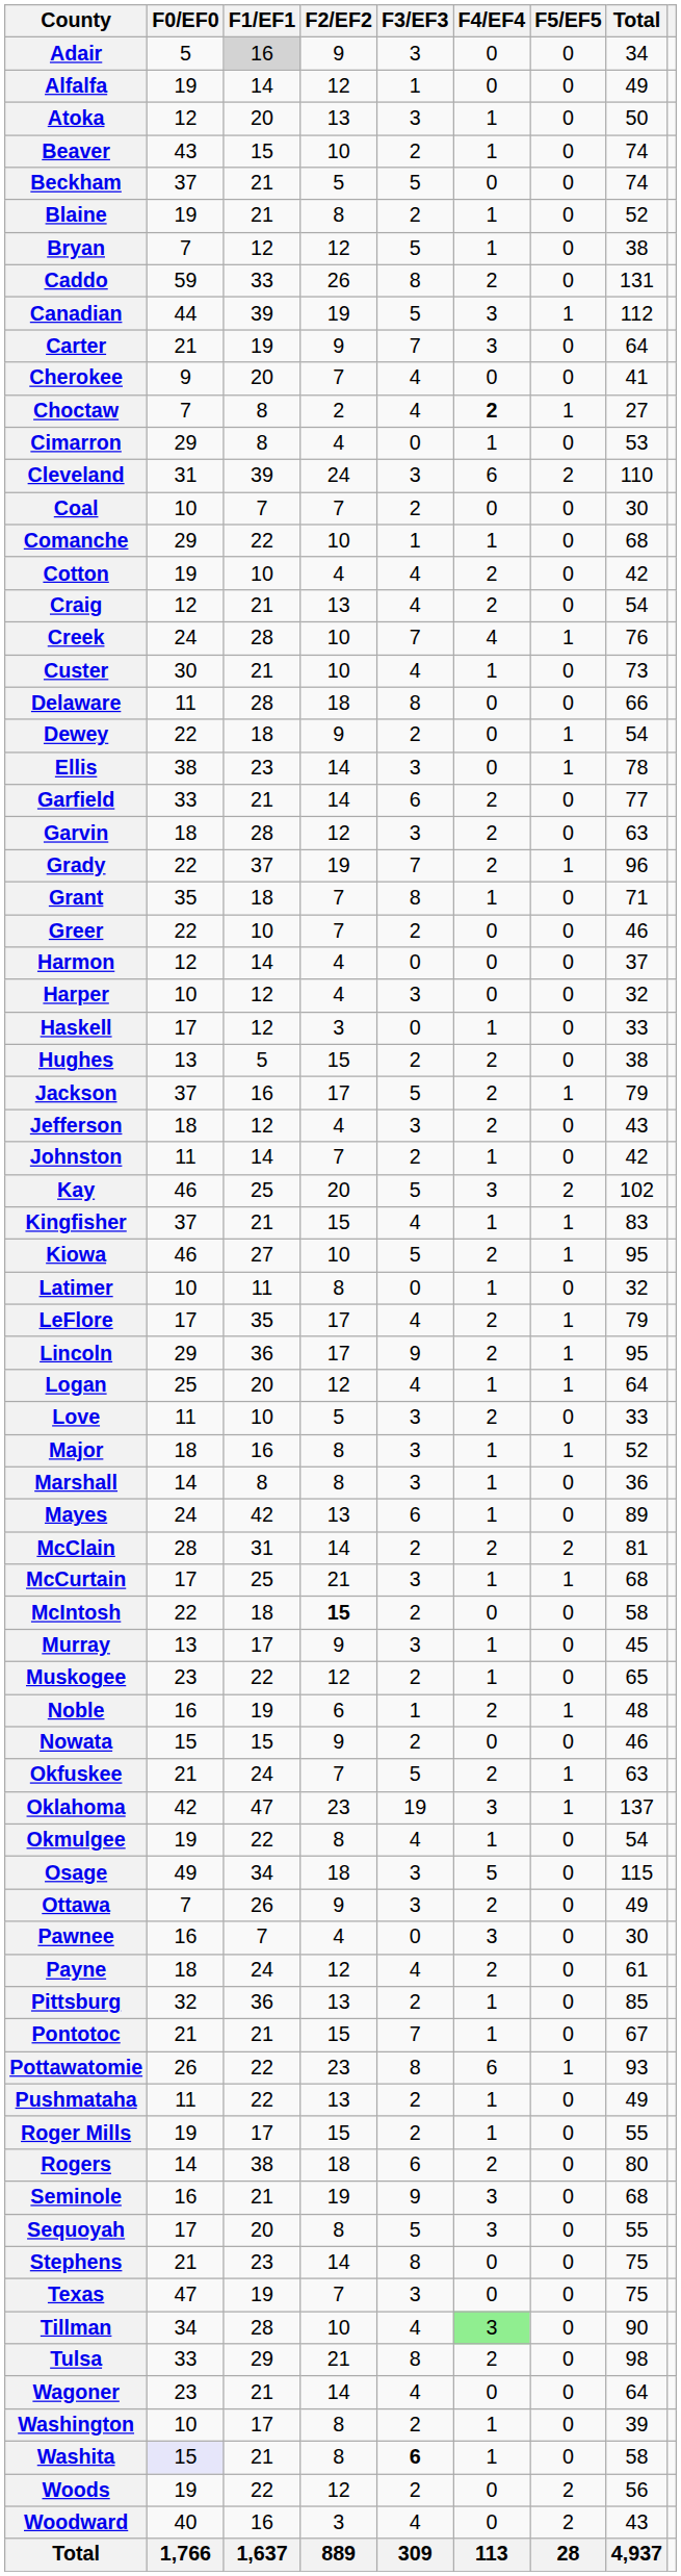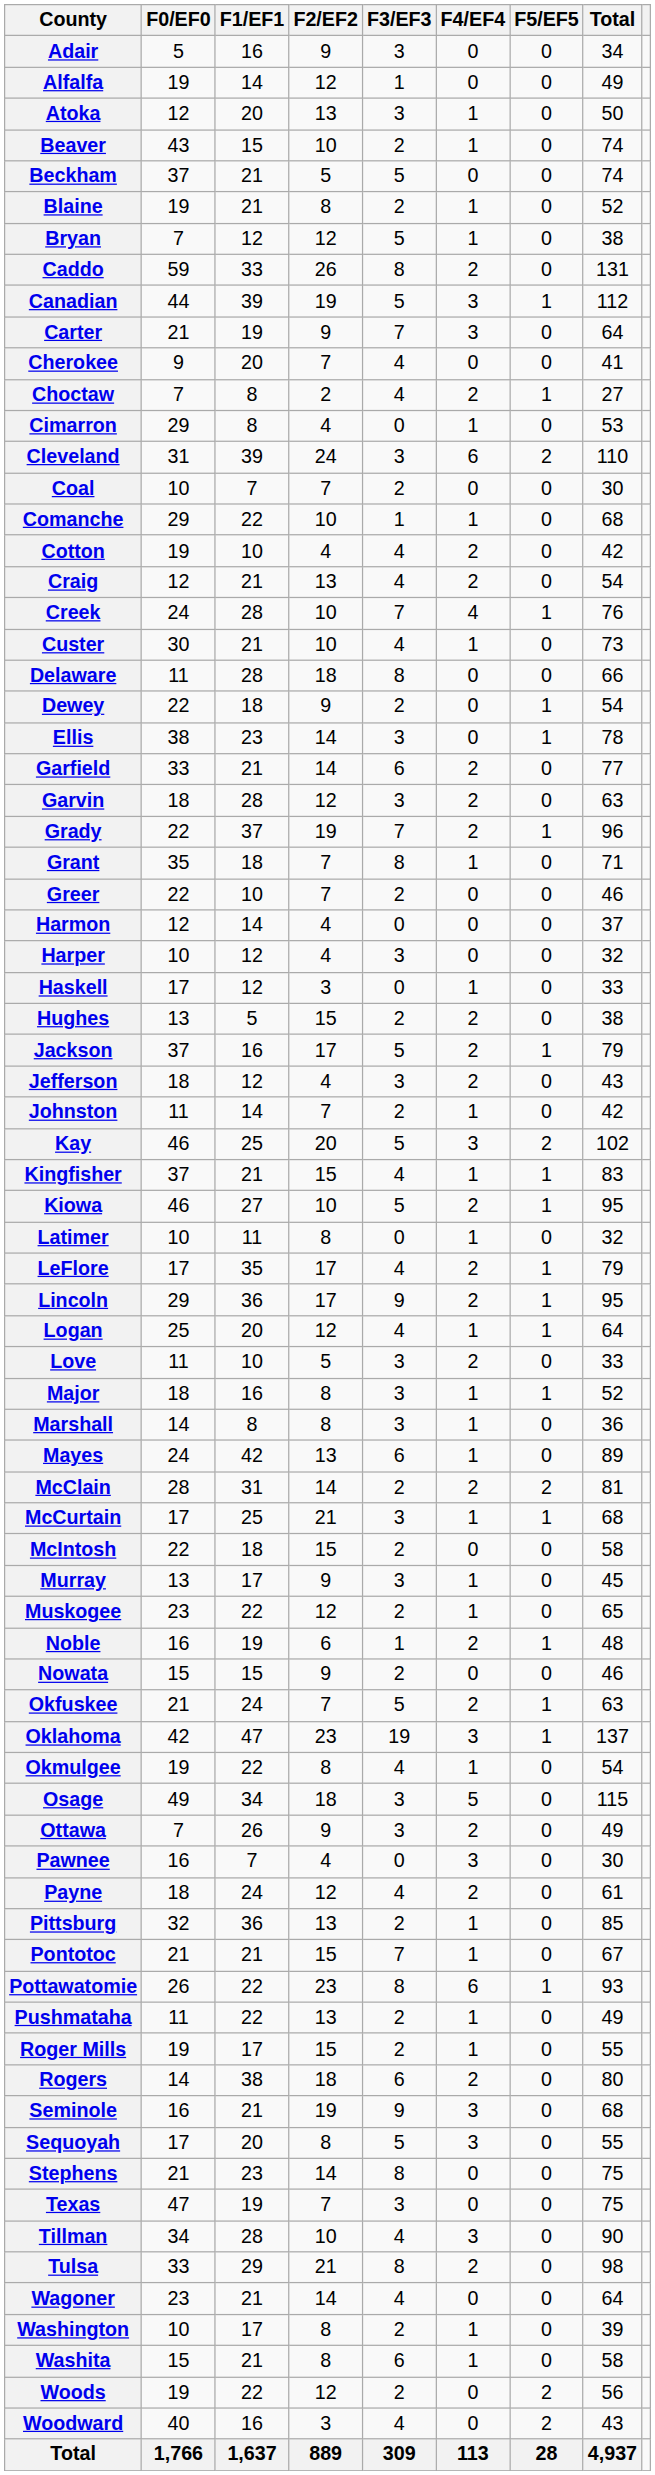 <table class="wikitable sortable" style="text-align:center;">
 <tr>
 <th>County</th>
 <th>F0/EF0</th>
 <th>F1/EF1</th>
 <th>F2/EF2</th>
 <th>F3/EF3</th>
 <th>F4/EF4</th>
 <th>F5/EF5</th>
 <th>Total</th>
 <th scope="col" class="unsortable"></th>
 </tr>
 <tr>
 <th><a href='#'>Adair</a></th>
 <td>5</td>
-<td style="background: lightgrey;">16</td>
+<td>16</td>
 <td>9</td>
 <td>3</td>
 <td>0</td>
 <td>0</td>
 <td>34</td>
 <td></td>
 </tr>
 <tr>
 <th><a href='#'>Alfalfa</a></th>
 <td>19</td>
 <td>14</td>
 <td>12</td>
 <td>1</td>
 <td>0</td>
 <td>0</td>
 <td>49</td>
 <td></td>
 </tr>
 <tr>
 <th><a href='#'>Atoka</a></th>
 <td>12</td>
 <td>20</td>
 <td>13</td>
 <td>3</td>
 <td>1</td>
 <td>0</td>
 <td>50</td>
 <td></td>
 </tr>
 <tr>
 <th><a href='#'>Beaver</a></th>
 <td>43</td>
 <td>15</td>
 <td>10</td>
 <td>2</td>
 <td>1</td>
 <td>0</td>
 <td>74</td>
 <td></td>
 </tr>
 <tr>
 <th><a href='#'>Beckham</a></th>
 <td>37</td>
 <td>21</td>
 <td>5</td>
 <td>5</td>
 <td>0</td>
 <td>0</td>
 <td>74</td>
 <td></td>
 </tr>
 <tr>
 <th><a href='#'>Blaine</a></th>
 <td>19</td>
 <td>21</td>
 <td>8</td>
 <td>2</td>
 <td>1</td>
 <td>0</td>
 <td>52</td>
 <td></td>
 </tr>
 <tr>
 <th><a href='#'>Bryan</a></th>
 <td>7</td>
 <td>12</td>
 <td>12</td>
 <td>5</td>
 <td>1</td>
 <td>0</td>
 <td>38</td>
 <td></td>
 </tr>
 <tr>
 <th><a href='#'>Caddo</a></th>
 <td>59</td>
 <td>33</td>
 <td>26</td>
 <td>8</td>
 <td>2</td>
 <td>0</td>
 <td>131</td>
 <td></td>
 </tr>
 <tr>
 <th><a href='#'>Canadian</a></th>
 <td>44</td>
 <td>39</td>
 <td>19</td>
 <td>5</td>
 <td>3</td>
 <td>1</td>
 <td>112</td>
 <td></td>
 </tr>
 <tr>
 <th><a href='#'>Carter</a></th>
 <td>21</td>
 <td>19</td>
 <td>9</td>
 <td>7</td>
 <td>3</td>
 <td>0</td>
 <td>64</td>
 <td></td>
 </tr>
 <tr>
 <th><a href='#'>Cherokee</a></th>
 <td>9</td>
 <td>20</td>
 <td>7</td>
 <td>4</td>
 <td>0</td>
 <td>0</td>
 <td>41</td>
 <td></td>
 </tr>
 <tr>
 <th><a href='#'>Choctaw</a></th>
 <td>7</td>
 <td>8</td>
 <td>2</td>
 <td>4</td>
-<td><strong>2</strong></td>
+<td>2</td>
 <td>1</td>
 <td>27</td>
 <td></td>
 </tr>
 <tr>
 <th><a href='#'>Cimarron</a></th>
 <td>29</td>
 <td>8</td>
 <td>4</td>
 <td>0</td>
 <td>1</td>
 <td>0</td>
 <td>53</td>
 <td></td>
 </tr>
 <tr>
 <th><a href='#'>Cleveland</a></th>
 <td>31</td>
 <td>39</td>
 <td>24</td>
 <td>3</td>
 <td>6</td>
 <td>2</td>
 <td>110</td>
 <td></td>
 </tr>
 <tr>
 <th><a href='#'>Coal</a></th>
 <td>10</td>
 <td>7</td>
 <td>7</td>
 <td>2</td>
 <td>0</td>
 <td>0</td>
 <td>30</td>
 <td></td>
 </tr>
 <tr>
 <th><a href='#'>Comanche</a></th>
 <td>29</td>
 <td>22</td>
 <td>10</td>
 <td>1</td>
 <td>1</td>
 <td>0</td>
 <td>68</td>
 <td></td>
 </tr>
 <tr>
 <th><a href='#'>Cotton</a></th>
 <td>19</td>
 <td>10</td>
 <td>4</td>
 <td>4</td>
 <td>2</td>
 <td>0</td>
 <td>42</td>
 <td></td>
 </tr>
 <tr>
 <th><a href='#'>Craig</a></th>
 <td>12</td>
 <td>21</td>
 <td>13</td>
 <td>4</td>
 <td>2</td>
 <td>0</td>
 <td>54</td>
 <td></td>
 </tr>
 <tr>
 <th><a href='#'>Creek</a></th>
 <td>24</td>
 <td>28</td>
 <td>10</td>
 <td>7</td>
 <td>4</td>
 <td>1</td>
 <td>76</td>
 <td></td>
 </tr>
 <tr>
 <th><a href='#'>Custer</a></th>
 <td>30</td>
 <td>21</td>
 <td>10</td>
 <td>4</td>
 <td>1</td>
 <td>0</td>
 <td>73</td>
 <td></td>
 </tr>
 <tr>
 <th><a href='#'>Delaware</a></th>
 <td>11</td>
 <td>28</td>
 <td>18</td>
 <td>8</td>
 <td>0</td>
 <td>0</td>
 <td>66</td>
 <td></td>
 </tr>
 <tr>
 <th><a href='#'>Dewey</a></th>
 <td>22</td>
 <td>18</td>
 <td>9</td>
 <td>2</td>
 <td>0</td>
 <td>1</td>
 <td>54</td>
 <td></td>
 </tr>
 <tr>
 <th><a href='#'>Ellis</a></th>
 <td>38</td>
 <td>23</td>
 <td>14</td>
 <td>3</td>
 <td>0</td>
 <td>1</td>
 <td>78</td>
 <td></td>
 </tr>
 <tr>
 <th><a href='#'>Garfield</a></th>
 <td>33</td>
 <td>21</td>
 <td>14</td>
 <td>6</td>
 <td>2</td>
 <td>0</td>
 <td>77</td>
 <td></td>
 </tr>
 <tr>
 <th><a href='#'>Garvin</a></th>
 <td>18</td>
 <td>28</td>
 <td>12</td>
 <td>3</td>
 <td>2</td>
 <td>0</td>
 <td>63</td>
 <td></td>
 </tr>
 <tr>
 <th><a href='#'>Grady</a></th>
 <td>22</td>
 <td>37</td>
 <td>19</td>
 <td>7</td>
 <td>2</td>
 <td>1</td>
 <td>96</td>
 <td></td>
 </tr>
 <tr>
 <th><a href='#'>Grant</a></th>
 <td>35</td>
 <td>18</td>
 <td>7</td>
 <td>8</td>
 <td>1</td>
 <td>0</td>
 <td>71</td>
 <td></td>
 </tr>
 <tr>
 <th><a href='#'>Greer</a></th>
 <td>22</td>
 <td>10</td>
 <td>7</td>
 <td>2</td>
 <td>0</td>
 <td>0</td>
 <td>46</td>
 <td></td>
 </tr>
 <tr>
 <th><a href='#'>Harmon</a></th>
 <td>12</td>
 <td>14</td>
 <td>4</td>
 <td>0</td>
 <td>0</td>
 <td>0</td>
 <td>37</td>
 <td></td>
 </tr>
 <tr>
 <th><a href='#'>Harper</a></th>
 <td>10</td>
 <td>12</td>
 <td>4</td>
 <td>3</td>
 <td>0</td>
 <td>0</td>
 <td>32</td>
 <td></td>
 </tr>
 <tr>
 <th><a href='#'>Haskell</a></th>
 <td>17</td>
 <td>12</td>
 <td>3</td>
 <td>0</td>
 <td>1</td>
 <td>0</td>
 <td>33</td>
 <td></td>
 </tr>
 <tr>
 <th><a href='#'>Hughes</a></th>
 <td>13</td>
 <td>5</td>
 <td>15</td>
 <td>2</td>
 <td>2</td>
 <td>0</td>
 <td>38</td>
 <td></td>
 </tr>
 <tr>
 <th><a href='#'>Jackson</a></th>
 <td>37</td>
 <td>16</td>
 <td>17</td>
 <td>5</td>
 <td>2</td>
 <td>1</td>
 <td>79</td>
 <td></td>
 </tr>
 <tr>
 <th><a href='#'>Jefferson</a></th>
 <td>18</td>
 <td>12</td>
 <td>4</td>
 <td>3</td>
 <td>2</td>
 <td>0</td>
 <td>43</td>
 <td></td>
 </tr>
 <tr>
 <th><a href='#'>Johnston</a></th>
 <td>11</td>
 <td>14</td>
 <td>7</td>
 <td>2</td>
 <td>1</td>
 <td>0</td>
 <td>42</td>
 <td></td>
 </tr>
 <tr>
 <th><a href='#'>Kay</a></th>
 <td>46</td>
 <td>25</td>
 <td>20</td>
 <td>5</td>
 <td>3</td>
 <td>2</td>
 <td>102</td>
 <td></td>
 </tr>
 <tr>
 <th><a href='#'>Kingfisher</a></th>
 <td>37</td>
 <td>21</td>
 <td>15</td>
 <td>4</td>
 <td>1</td>
 <td>1</td>
 <td>83</td>
 <td></td>
 </tr>
 <tr>
 <th><a href='#'>Kiowa</a></th>
 <td>46</td>
 <td>27</td>
 <td>10</td>
 <td>5</td>
 <td>2</td>
 <td>1</td>
 <td>95</td>
 <td></td>
 </tr>
 <tr>
 <th><a href='#'>Latimer</a></th>
 <td>10</td>
 <td>11</td>
 <td>8</td>
 <td>0</td>
 <td>1</td>
 <td>0</td>
 <td>32</td>
 <td></td>
 </tr>
 <tr>
 <th><a href='#'>LeFlore</a></th>
 <td>17</td>
 <td>35</td>
 <td>17</td>
 <td>4</td>
 <td>2</td>
 <td>1</td>
 <td>79</td>
 <td></td>
 </tr>
 <tr>
 <th><a href='#'>Lincoln</a></th>
 <td>29</td>
 <td>36</td>
 <td>17</td>
 <td>9</td>
 <td>2</td>
 <td>1</td>
 <td>95</td>
 <td></td>
 </tr>
 <tr>
 <th><a href='#'>Logan</a></th>
 <td>25</td>
 <td>20</td>
 <td>12</td>
 <td>4</td>
 <td>1</td>
 <td>1</td>
 <td>64</td>
 <td></td>
 </tr>
 <tr>
 <th><a href='#'>Love</a></th>
 <td>11</td>
 <td>10</td>
 <td>5</td>
 <td>3</td>
 <td>2</td>
 <td>0</td>
 <td>33</td>
 <td></td>
 </tr>
 <tr>
 <th><a href='#'>Major</a></th>
 <td>18</td>
 <td>16</td>
 <td>8</td>
 <td>3</td>
 <td>1</td>
 <td>1</td>
 <td>52</td>
 <td></td>
 </tr>
 <tr>
 <th><a href='#'>Marshall</a></th>
 <td>14</td>
 <td>8</td>
 <td>8</td>
 <td>3</td>
 <td>1</td>
 <td>0</td>
 <td>36</td>
 <td></td>
 </tr>
 <tr>
 <th><a href='#'>Mayes</a></th>
 <td>24</td>
 <td>42</td>
 <td>13</td>
 <td>6</td>
 <td>1</td>
 <td>0</td>
 <td>89</td>
 <td></td>
 </tr>
 <tr>
 <th><a href='#'>McClain</a></th>
 <td>28</td>
 <td>31</td>
 <td>14</td>
 <td>2</td>
 <td>2</td>
 <td>2</td>
 <td>81</td>
 <td></td>
 </tr>
 <tr>
 <th><a href='#'>McCurtain</a></th>
 <td>17</td>
 <td>25</td>
 <td>21</td>
 <td>3</td>
 <td>1</td>
 <td>1</td>
 <td>68</td>
 <td></td>
 </tr>
 <tr>
 <th><a href='#'>McIntosh</a></th>
 <td>22</td>
 <td>18</td>
-<td><strong>15</strong></td>
+<td>15</td>
 <td>2</td>
 <td>0</td>
 <td>0</td>
 <td>58</td>
 <td></td>
 </tr>
 <tr>
 <th><a href='#'>Murray</a></th>
 <td>13</td>
 <td>17</td>
 <td>9</td>
 <td>3</td>
 <td>1</td>
 <td>0</td>
 <td>45</td>
 <td></td>
 </tr>
 <tr>
 <th><a href='#'>Muskogee</a></th>
 <td>23</td>
 <td>22</td>
 <td>12</td>
 <td>2</td>
 <td>1</td>
 <td>0</td>
 <td>65</td>
 <td></td>
 </tr>
 <tr>
 <th><a href='#'>Noble</a></th>
 <td>16</td>
 <td>19</td>
 <td>6</td>
 <td>1</td>
 <td>2</td>
 <td>1</td>
 <td>48</td>
 <td></td>
 </tr>
 <tr>
 <th><a href='#'>Nowata</a></th>
 <td>15</td>
 <td>15</td>
 <td>9</td>
 <td>2</td>
 <td>0</td>
 <td>0</td>
 <td>46</td>
 <td></td>
 </tr>
 <tr>
 <th><a href='#'>Okfuskee</a></th>
 <td>21</td>
 <td>24</td>
 <td>7</td>
 <td>5</td>
 <td>2</td>
 <td>1</td>
 <td>63</td>
 <td></td>
 </tr>
 <tr>
 <th><a href='#'>Oklahoma</a></th>
 <td>42</td>
 <td>47</td>
 <td>23</td>
 <td>19</td>
 <td>3</td>
 <td>1</td>
 <td>137</td>
 <td></td>
 </tr>
 <tr>
 <th><a href='#'>Okmulgee</a></th>
 <td>19</td>
 <td>22</td>
 <td>8</td>
 <td>4</td>
 <td>1</td>
 <td>0</td>
 <td>54</td>
 <td></td>
 </tr>
 <tr>
 <th><a href='#'>Osage</a></th>
 <td>49</td>
 <td>34</td>
 <td>18</td>
 <td>3</td>
 <td>5</td>
 <td>0</td>
 <td>115</td>
 <td></td>
 </tr>
 <tr>
 <th><a href='#'>Ottawa</a></th>
 <td>7</td>
 <td>26</td>
 <td>9</td>
 <td>3</td>
 <td>2</td>
 <td>0</td>
 <td>49</td>
 <td></td>
 </tr>
 <tr>
 <th><a href='#'>Pawnee</a></th>
 <td>16</td>
 <td>7</td>
 <td>4</td>
 <td>0</td>
 <td>3</td>
 <td>0</td>
 <td>30</td>
 <td></td>
 </tr>
 <tr>
 <th><a href='#'>Payne</a></th>
 <td>18</td>
 <td>24</td>
 <td>12</td>
 <td>4</td>
 <td>2</td>
 <td>0</td>
 <td>61</td>
 <td></td>
 </tr>
 <tr>
 <th><a href='#'>Pittsburg</a></th>
 <td>32</td>
 <td>36</td>
 <td>13</td>
 <td>2</td>
 <td>1</td>
 <td>0</td>
 <td>85</td>
 <td></td>
 </tr>
 <tr>
 <th><a href='#'>Pontotoc</a></th>
 <td>21</td>
 <td>21</td>
 <td>15</td>
 <td>7</td>
 <td>1</td>
 <td>0</td>
 <td>67</td>
 <td></td>
 </tr>
 <tr>
 <th><a href='#'>Pottawatomie</a></th>
 <td>26</td>
 <td>22</td>
 <td>23</td>
 <td>8</td>
 <td>6</td>
 <td>1</td>
 <td>93</td>
 <td></td>
 </tr>
 <tr>
 <th><a href='#'>Pushmataha</a></th>
 <td>11</td>
 <td>22</td>
 <td>13</td>
 <td>2</td>
 <td>1</td>
 <td>0</td>
 <td>49</td>
 <td></td>
 </tr>
 <tr>
 <th><a href='#'>Roger Mills</a></th>
 <td>19</td>
 <td>17</td>
 <td>15</td>
 <td>2</td>
 <td>1</td>
 <td>0</td>
 <td>55</td>
 <td></td>
 </tr>
 <tr>
 <th><a href='#'>Rogers</a></th>
 <td>14</td>
 <td>38</td>
 <td>18</td>
 <td>6</td>
 <td>2</td>
 <td>0</td>
 <td>80</td>
 <td></td>
 </tr>
 <tr>
 <th><a href='#'>Seminole</a></th>
 <td>16</td>
 <td>21</td>
 <td>19</td>
 <td>9</td>
 <td>3</td>
 <td>0</td>
 <td>68</td>
 <td></td>
 </tr>
 <tr>
 <th><a href='#'>Sequoyah</a></th>
 <td>17</td>
 <td>20</td>
 <td>8</td>
 <td>5</td>
 <td>3</td>
 <td>0</td>
 <td>55</td>
 <td></td>
 </tr>
 <tr>
 <th><a href='#'>Stephens</a></th>
 <td>21</td>
 <td>23</td>
 <td>14</td>
 <td>8</td>
 <td>0</td>
 <td>0</td>
 <td>75</td>
 <td></td>
 </tr>
 <tr>
 <th><a href='#'>Texas</a></th>
 <td>47</td>
 <td>19</td>
 <td>7</td>
 <td>3</td>
 <td>0</td>
 <td>0</td>
 <td>75</td>
 <td></td>
 </tr>
 <tr>
 <th><a href='#'>Tillman</a></th>
 <td>34</td>
 <td>28</td>
 <td>10</td>
 <td>4</td>
-<td style="background: lightgreen;">3</td>
+<td>3</td>
 <td>0</td>
 <td>90</td>
 <td></td>
 </tr>
 <tr>
 <th><a href='#'>Tulsa</a></th>
 <td>33</td>
 <td>29</td>
 <td>21</td>
 <td>8</td>
 <td>2</td>
 <td>0</td>
 <td>98</td>
 <td></td>
 </tr>
 <tr>
 <th><a href='#'>Wagoner</a></th>
 <td>23</td>
 <td>21</td>
 <td>14</td>
 <td>4</td>
 <td>0</td>
 <td>0</td>
 <td>64</td>
 <td></td>
 </tr>
 <tr>
 <th><a href='#'>Washington</a></th>
 <td>10</td>
 <td>17</td>
 <td>8</td>
 <td>2</td>
 <td>1</td>
 <td>0</td>
 <td>39</td>
 <td></td>
 </tr>
 <tr>
 <th><a href='#'>Washita</a></th>
-<td style="background: lavender;">15</td>
+<td>15</td>
 <td>21</td>
 <td>8</td>
-<td><strong>6</strong></td>
+<td>6</td>
 <td>1</td>
 <td>0</td>
 <td>58</td>
 <td></td>
 </tr>
 <tr>
 <th><a href='#'>Woods</a></th>
 <td>19</td>
 <td>22</td>
 <td>12</td>
 <td>2</td>
 <td>0</td>
 <td>2</td>
 <td>56</td>
 <td></td>
 </tr>
 <tr>
 <th><a href='#'>Woodward</a></th>
 <td>40</td>
 <td>16</td>
 <td>3</td>
 <td>4</td>
 <td>0</td>
 <td>2</td>
 <td>43</td>
 <td></td>
 </tr>
 <tr>
 <th>Total</th>
 <th>1,766</th>
 <th>1,637</th>
 <th>889</th>
 <th>309</th>
 <th>113</th>
 <th>28</th>
 <th>4,937</th>
 <td></td>
 </tr>
 </table>
